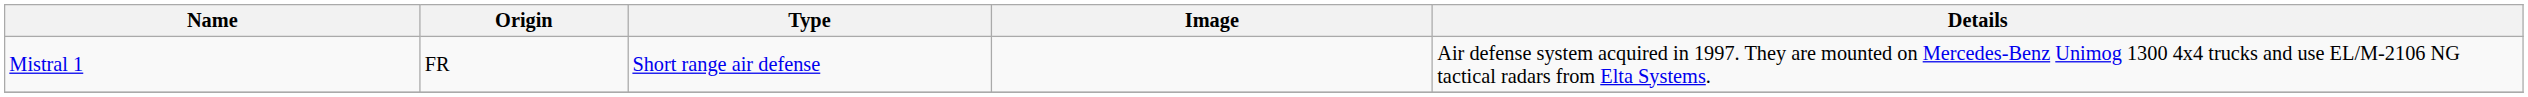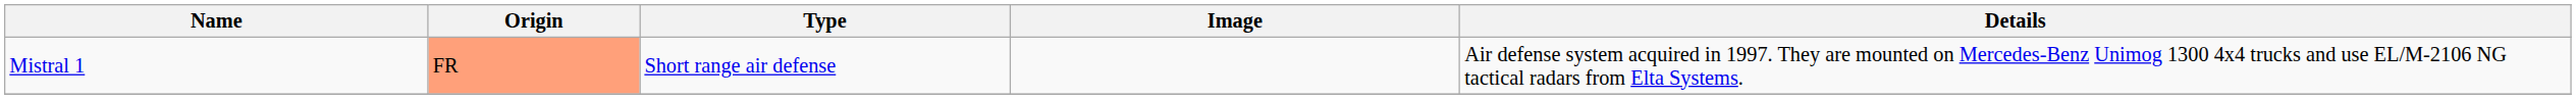 <table class="wikitable" border="0" style="width:100%">
 <tr>
 <th style="text-align: center; width:16%;">Name</th>
 <th style="text-align: center; width:8%;">Origin</th>
 <th style="text-align: center; width:14%;">Type</th>
 <th style="text-align: center; width:17%;">Image</th>
 <th style="text-align: center; width:42%;">Details</th>
 </tr>
 <tr>
 <td><a href='#'>Mistral 1</a></td>
-<td> FR</td>
+<td style="background: lightsalmon;"> FR</td>
 <td><a href='#'>Short range air defense</a></td>
 <td></td>
 <td>Air defense system acquired in 1997. They are mounted on <a href='#'>Mercedes-Benz</a> <a href='#'>Unimog</a> 1300 4x4 trucks and use EL/M-2106 NG tactical radars from <a href='#'>Elta Systems</a>.</td>
 </tr>
 <tr>
 </tr>
 </table>
